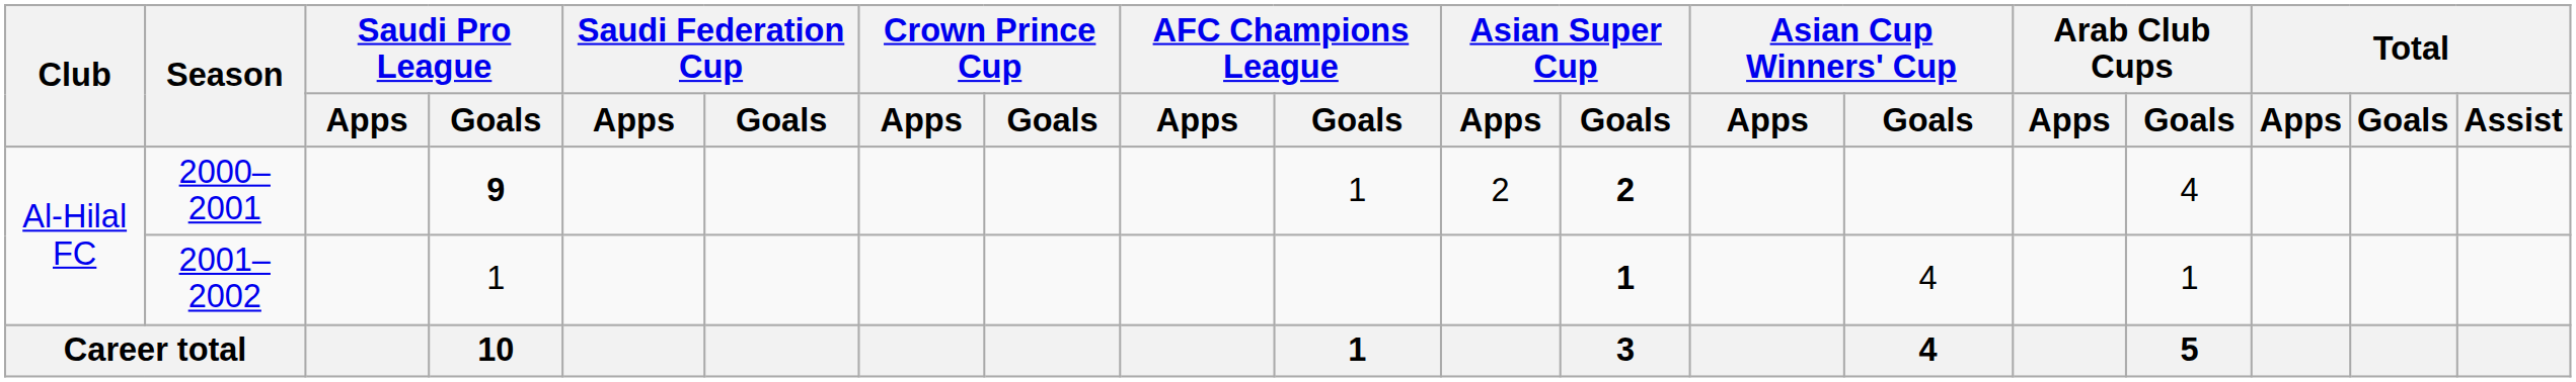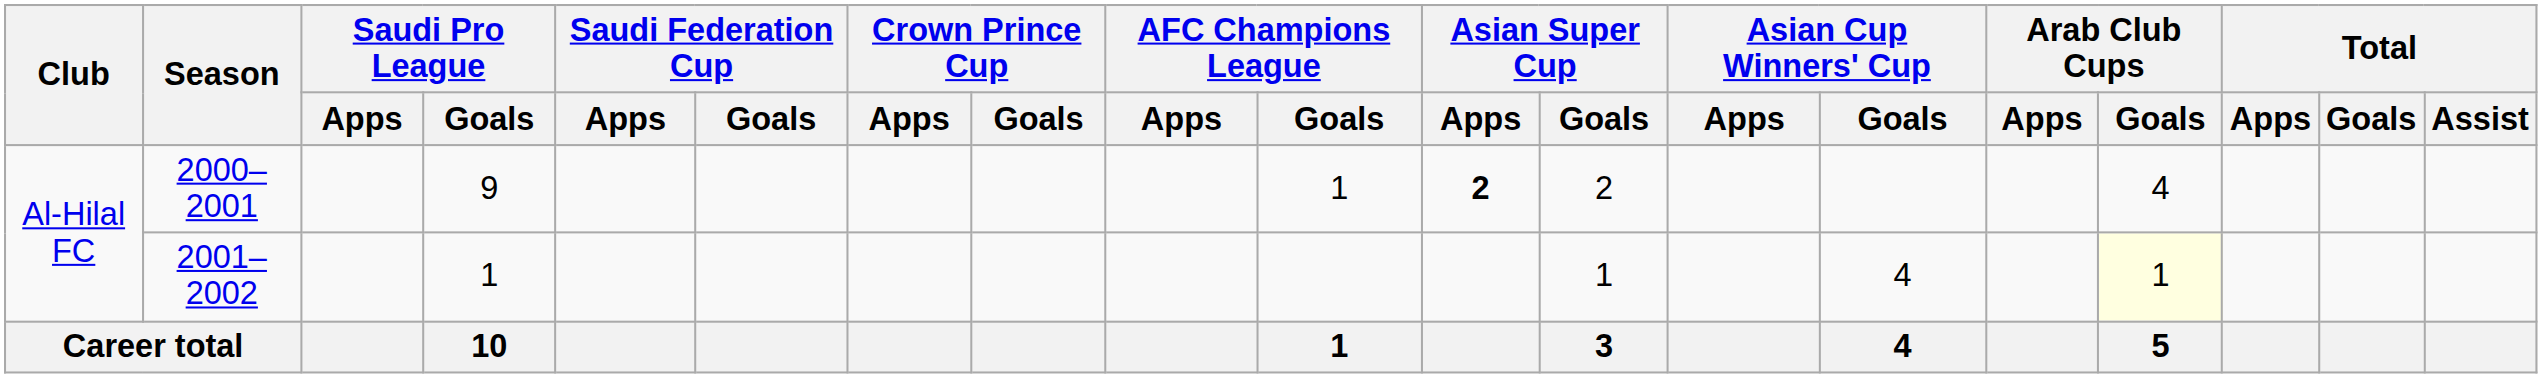 <table class="wikitable" style="text-align: center">
 <tr>
 <th rowspan="2">Club</th>
 <th rowspan="2">Season</th>
 <th colspan="2"><a href='#'>Saudi Pro League</a></th>
 <th colspan="2"><a href='#'>Saudi Federation Cup</a></th>
 <th colspan="2"><a href='#'>Crown Prince Cup</a></th>
 <th colspan="2"><a href='#'>AFC Champions League</a></th>
 <th colspan="2"><a href='#'>Asian Super Cup</a></th>
 <th colspan="2"><a href='#'>Asian Cup Winners' Cup</a></th>
 <th colspan="2">Arab Club Cups</th>
 <th colspan="3">Total</th>
 </tr>
 <tr>
 <th>Apps</th>
 <th>Goals</th>
 <th>Apps</th>
 <th>Goals</th>
 <th>Apps</th>
 <th>Goals</th>
 <th>Apps</th>
 <th>Goals</th>
 <th>Apps</th>
 <th>Goals</th>
 <th>Apps</th>
 <th>Goals</th>
 <th>Apps</th>
 <th>Goals</th>
 <th>Apps</th>
 <th>Goals</th>
 <th>Assist</th>
 </tr>
 <tr>
 <td rowspan="2"><a href='#'>Al-Hilal FC</a></td>
 <td><a href='#'>2000–2001</a></td>
 <td></td>
-<td><strong>9</strong></td>
+<td>9</td>
 <td></td>
 <td></td>
 <td></td>
 <td></td>
 <td></td>
 <td>1</td>
+<td><strong>2</strong></td>
 <td>2</td>
-<td><strong>2</strong></td>
 <td></td>
 <td></td>
 <td></td>
 <td>4</td>
 <td></td>
 <td></td>
 </tr>
 <tr>
 <td><a href='#'>2001–2002</a></td>
 <td></td>
 <td>1</td>
 <td></td>
 <td></td>
 <td></td>
 <td></td>
 <td></td>
 <td></td>
 <td></td>
-<td><strong>1</strong></td>
+<td>1</td>
 <td></td>
 <td>4</td>
 <td></td>
-<td>1</td>
+<td style="background: lightyellow;">1</td>
 <td></td>
 <td></td>
 <td></td>
 </tr>
 <tr>
 <th colspan="2">Career total</th>
 <th></th>
 <th>10</th>
 <th></th>
 <th></th>
 <th></th>
 <th></th>
 <th></th>
 <th>1</th>
 <th></th>
 <th>3</th>
 <th></th>
 <th>4</th>
 <th></th>
 <th>5</th>
 <th></th>
 <th></th>
 <th></th>
 </tr>
 </table>
